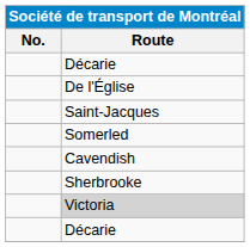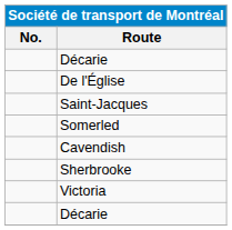 <table align=center class="wikitable">
 <tr>
 <th style="background: #0085CA; font-size:100%; color:#FFFFFF;"colspan="4">Société de transport de Montréal</th>
 </tr>
 <tr>
 <th>No.</th>
 <th>Route</th>
 </tr>
 <tr>
 <td></td>
 <td>Décarie</td>
 </tr>
 <tr>
 <td></td>
 <td>De l'Église</td>
 </tr>
 <tr>
 <td {{Avoid wrap> </td>
 <td>Saint-Jacques</td>
 </tr>
 <tr>
 <td></td>
 <td>Somerled</td>
 </tr>
 <tr>
 <td></td>
 <td>Cavendish</td>
 </tr>
 <tr>
 <td {{Avoid wrap> </td>
 <td>Sherbrooke</td>
 </tr>
 <tr>
 <td></td>
-<td style="background: lightgrey;">Victoria</td>
+<td>Victoria</td>
 </tr>
 <tr>
 <td {{Avoid wrap> </td>
 <td>Décarie</td>
 </tr>
 <tr>
 </tr>
 </table>
